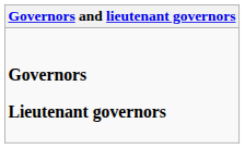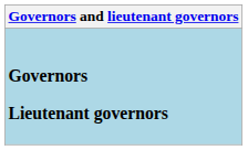 <table class="wikitable collapsible collapsed">
 <tr>
 <th><a href='#'>Governors</a> and <a href='#'>lieutenant governors</a></th>
 </tr>
 <tr>
-<td><br><h3>Governors</h3><h3>Lieutenant governors</h3></td>
+<td style="background: lightblue;"><br><h3>Governors</h3><h3>Lieutenant governors</h3></td>
 </tr>
 </table>
